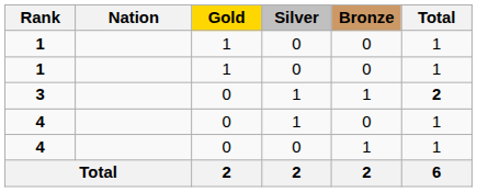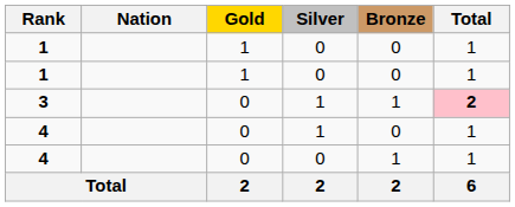 <table class="wikitable collapsible autocollapse plainrowheaders" width=73.5% style="text-align:center;">
 <tr style="background-color:#EDEDED;">
 <th width=100px class="hintergrundfarbe5">Rank</th>
 <th width=200px class="hintergrundfarbe6">Nation</th>
 <th style="background:    gold; width:15%">Gold</th>
 <th style="background:  silver; width:15%">Silver</th>
 <th style="background: #CC9966; width:15%">Bronze</th>
 <th class="hintergrundfarbe6" style="width:15%">Total</th>
 </tr>
 <tr>
 <td><strong>1</strong></td>
 <td align=left></td>
 <td>1</td>
 <td>0</td>
 <td>0</td>
 <td>1</td>
 </tr>
 <tr>
 <td><strong>1</strong></td>
 <td align=left></td>
 <td>1</td>
 <td>0</td>
 <td>0</td>
 <td>1</td>
 </tr>
 <tr>
 <td><strong>3</strong></td>
 <td align=left></td>
 <td>0</td>
 <td>1</td>
 <td>1</td>
-<td><strong>2</strong></td>
+<td style="background: pink;"><strong>2</strong></td>
 </tr>
 <tr>
 <td><strong>4</strong></td>
 <td align=left></td>
 <td>0</td>
 <td>1</td>
 <td>0</td>
 <td>1</td>
 </tr>
 <tr>
 <td><strong>4</strong></td>
 <td align=left></td>
 <td>0</td>
 <td>0</td>
 <td>1</td>
 <td>1</td>
 </tr>
 <tr>
 <th colspan=2>Total</th>
 <th>2</th>
 <th>2</th>
 <th>2</th>
 <th>6</th>
 </tr>
 </table>
